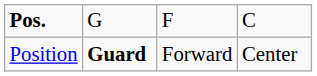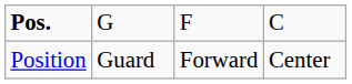 <table class="wikitable">
 <tr>
 <td width="50"><strong>Pos.</strong></td>
 <td width="50">G</td>
 <td width="50">F</td>
 <td width="50">C</td>
 </tr>
 <tr>
 <td><a href='#'>Position</a></td>
-<td><strong>Guard</strong></td>
+<td>Guard</td>
 <td>Forward</td>
 <td>Center</td>
 </tr>
 </table>
